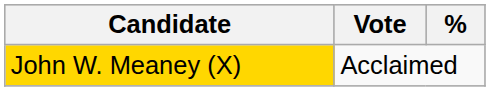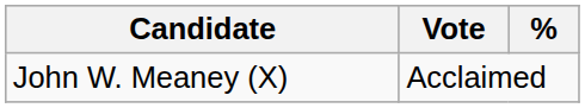 <table class="wikitable">
 <tr>
 <th bgcolor="#DDDDFF" width="200px">Candidate</th>
 <th bgcolor="#DDDDFF" width="50px">Vote</th>
 <th bgcolor="#DDDDFF" width="30px">%</th>
 </tr>
 <tr>
-<td style="background: gold;">John W. Meaney (X)</td>
+<td>John W. Meaney (X)</td>
 <td colspan="2">Acclaimed</td>
 </tr>
 </table>
